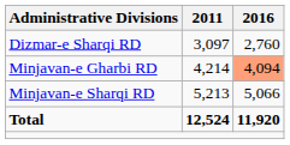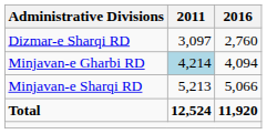 <table class="wikitable">
 <tr>
 <th>Administrative Divisions</th>
 <th>2011</th>
 <th>2016</th>
 </tr>
 <tr>
 <td><a href='#'>Dizmar-e Sharqi RD</a></td>
 <td style="text-align: right;">3,097</td>
 <td style="text-align: right;">2,760</td>
 </tr>
 <tr>
 <td><a href='#'>Minjavan-e Gharbi RD</a></td>
-<td style="text-align: right;">4,214</td>
-<td style="background: lightsalmon; text-align: right;">4,094</td>
+<td style="background: lightblue; text-align: right;">4,214</td>
+<td style="text-align: right;">4,094</td>
 </tr>
 <tr>
 <td><a href='#'>Minjavan-e Sharqi RD</a></td>
 <td style="text-align: right;">5,213</td>
 <td style="text-align: right;">5,066</td>
 </tr>
 <tr>
 <td><strong>Total</strong></td>
 <td style="text-align: right;"><strong>12,524</strong></td>
 <td style="text-align: right;"><strong>11,920</strong></td>
 </tr>
 <tr>
 <td colspan=3></td>
 </tr>
 </table>
